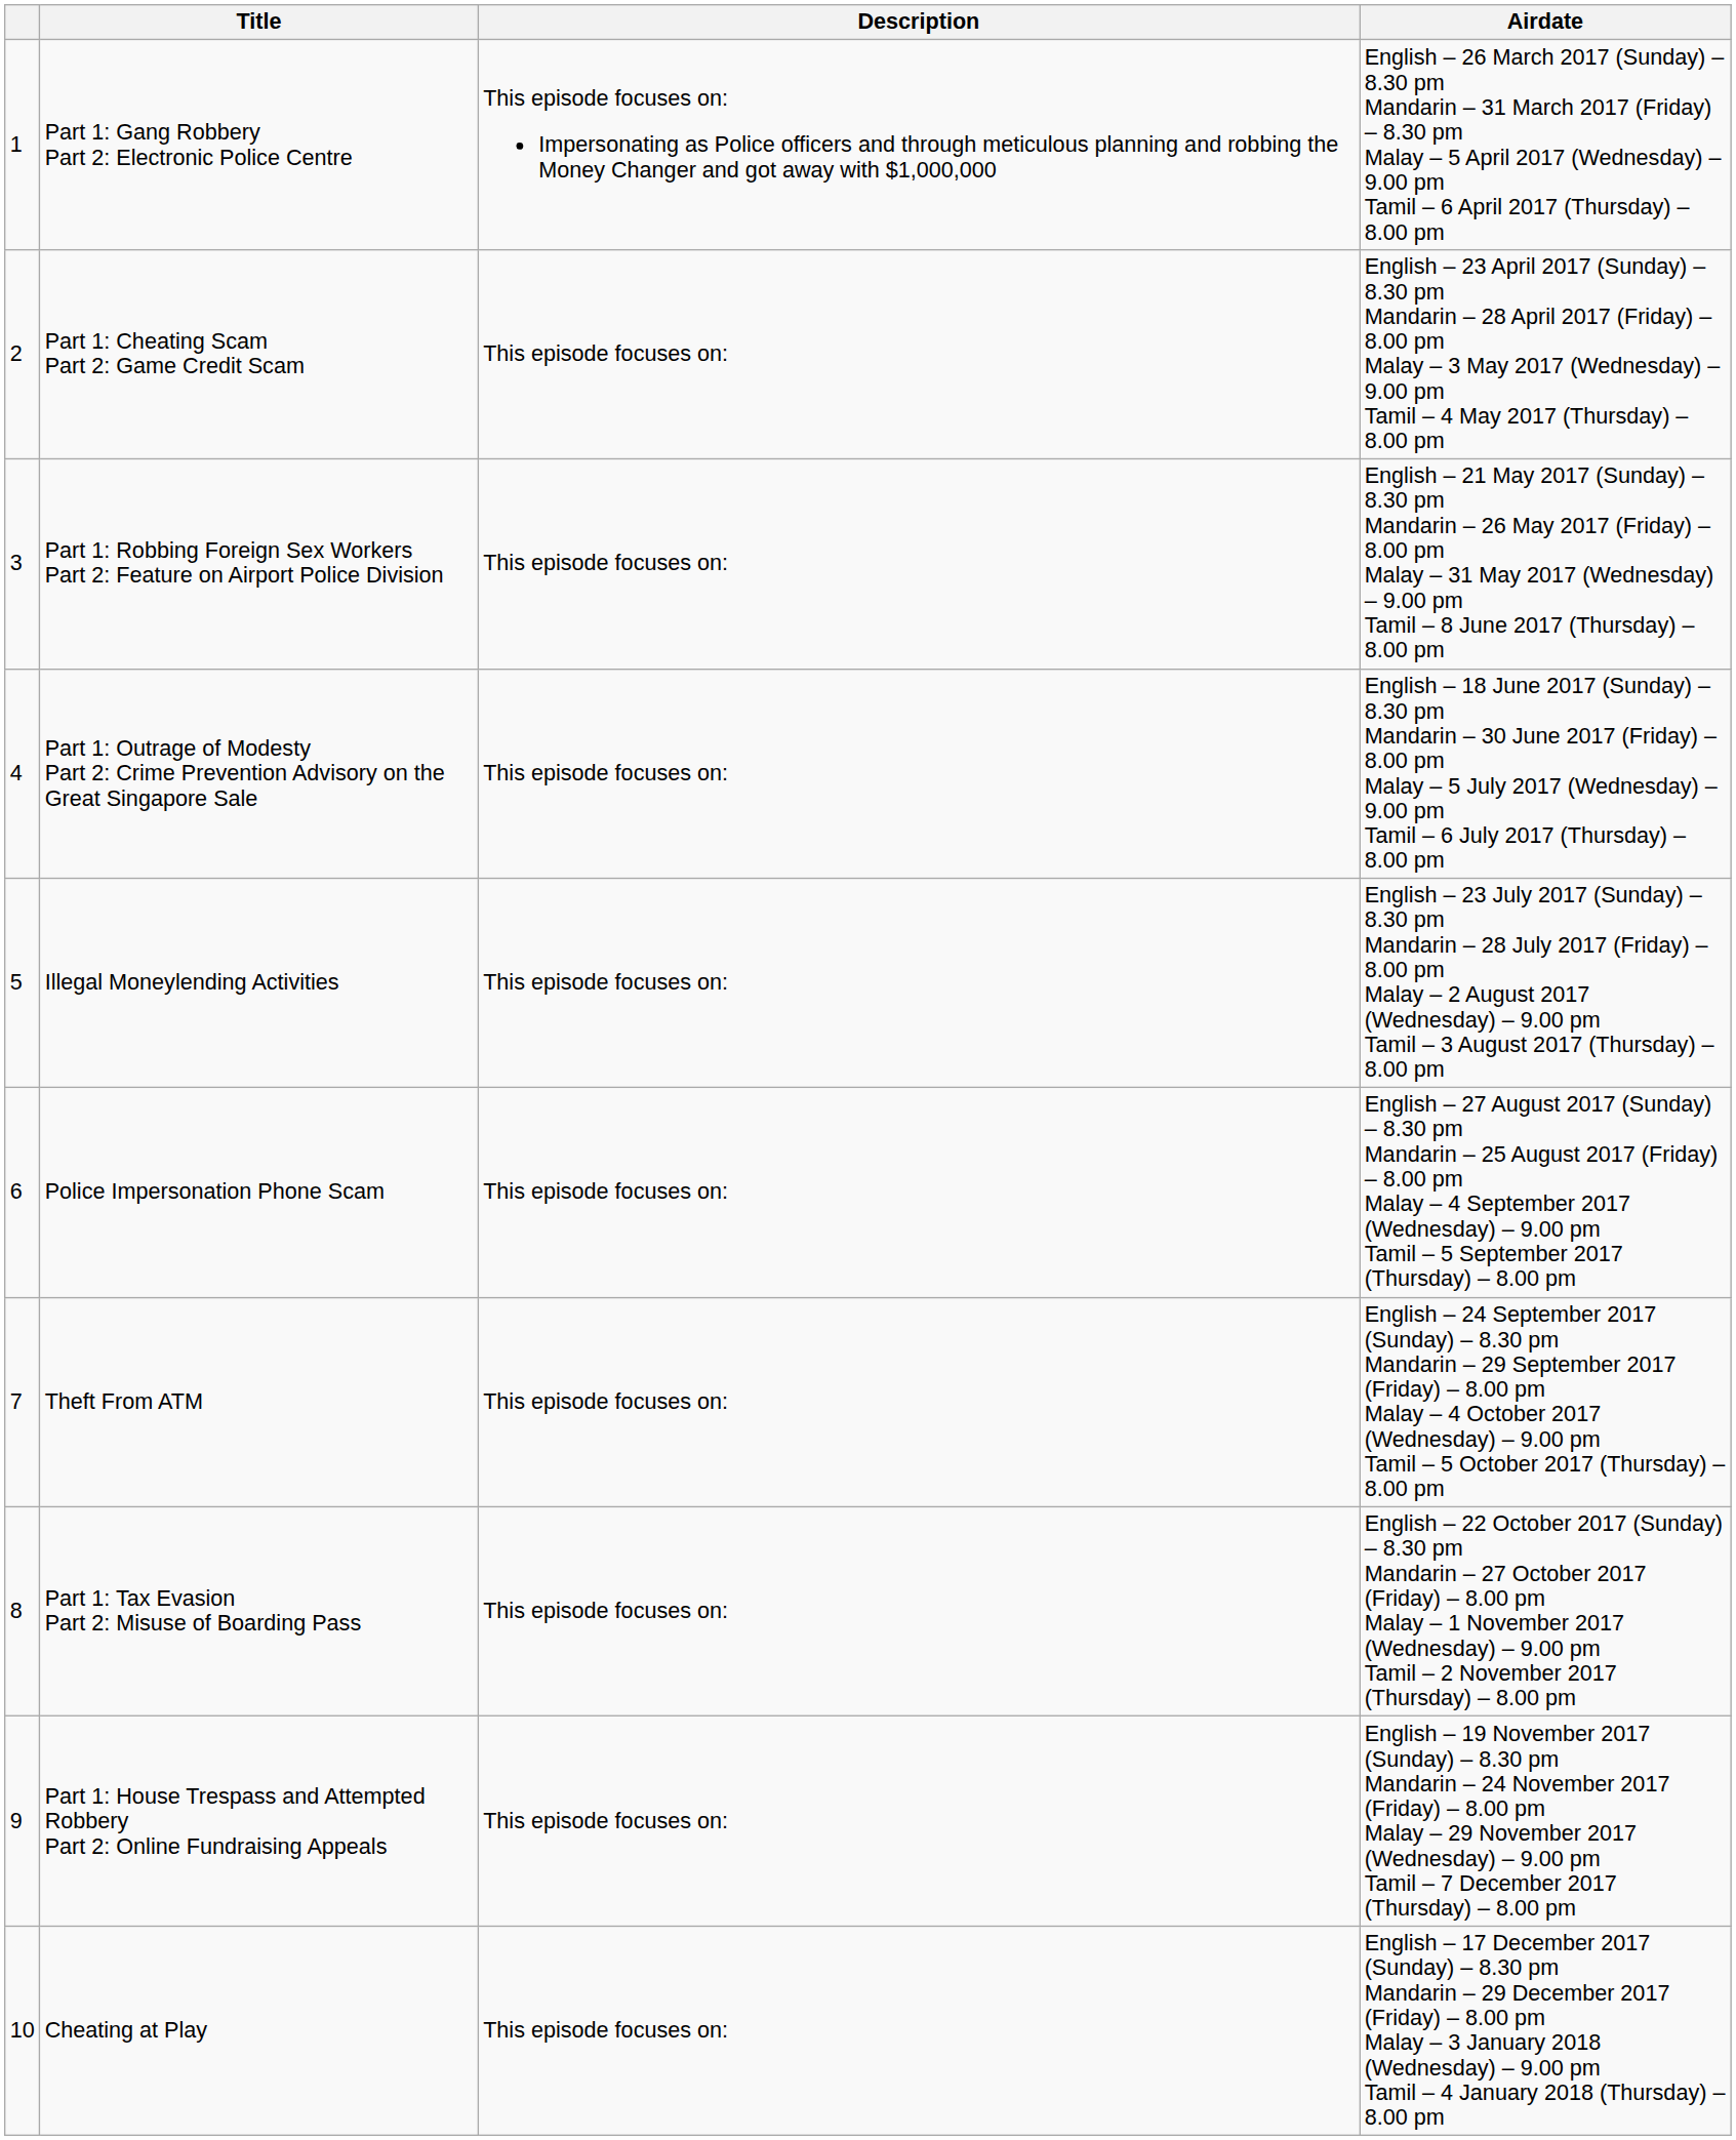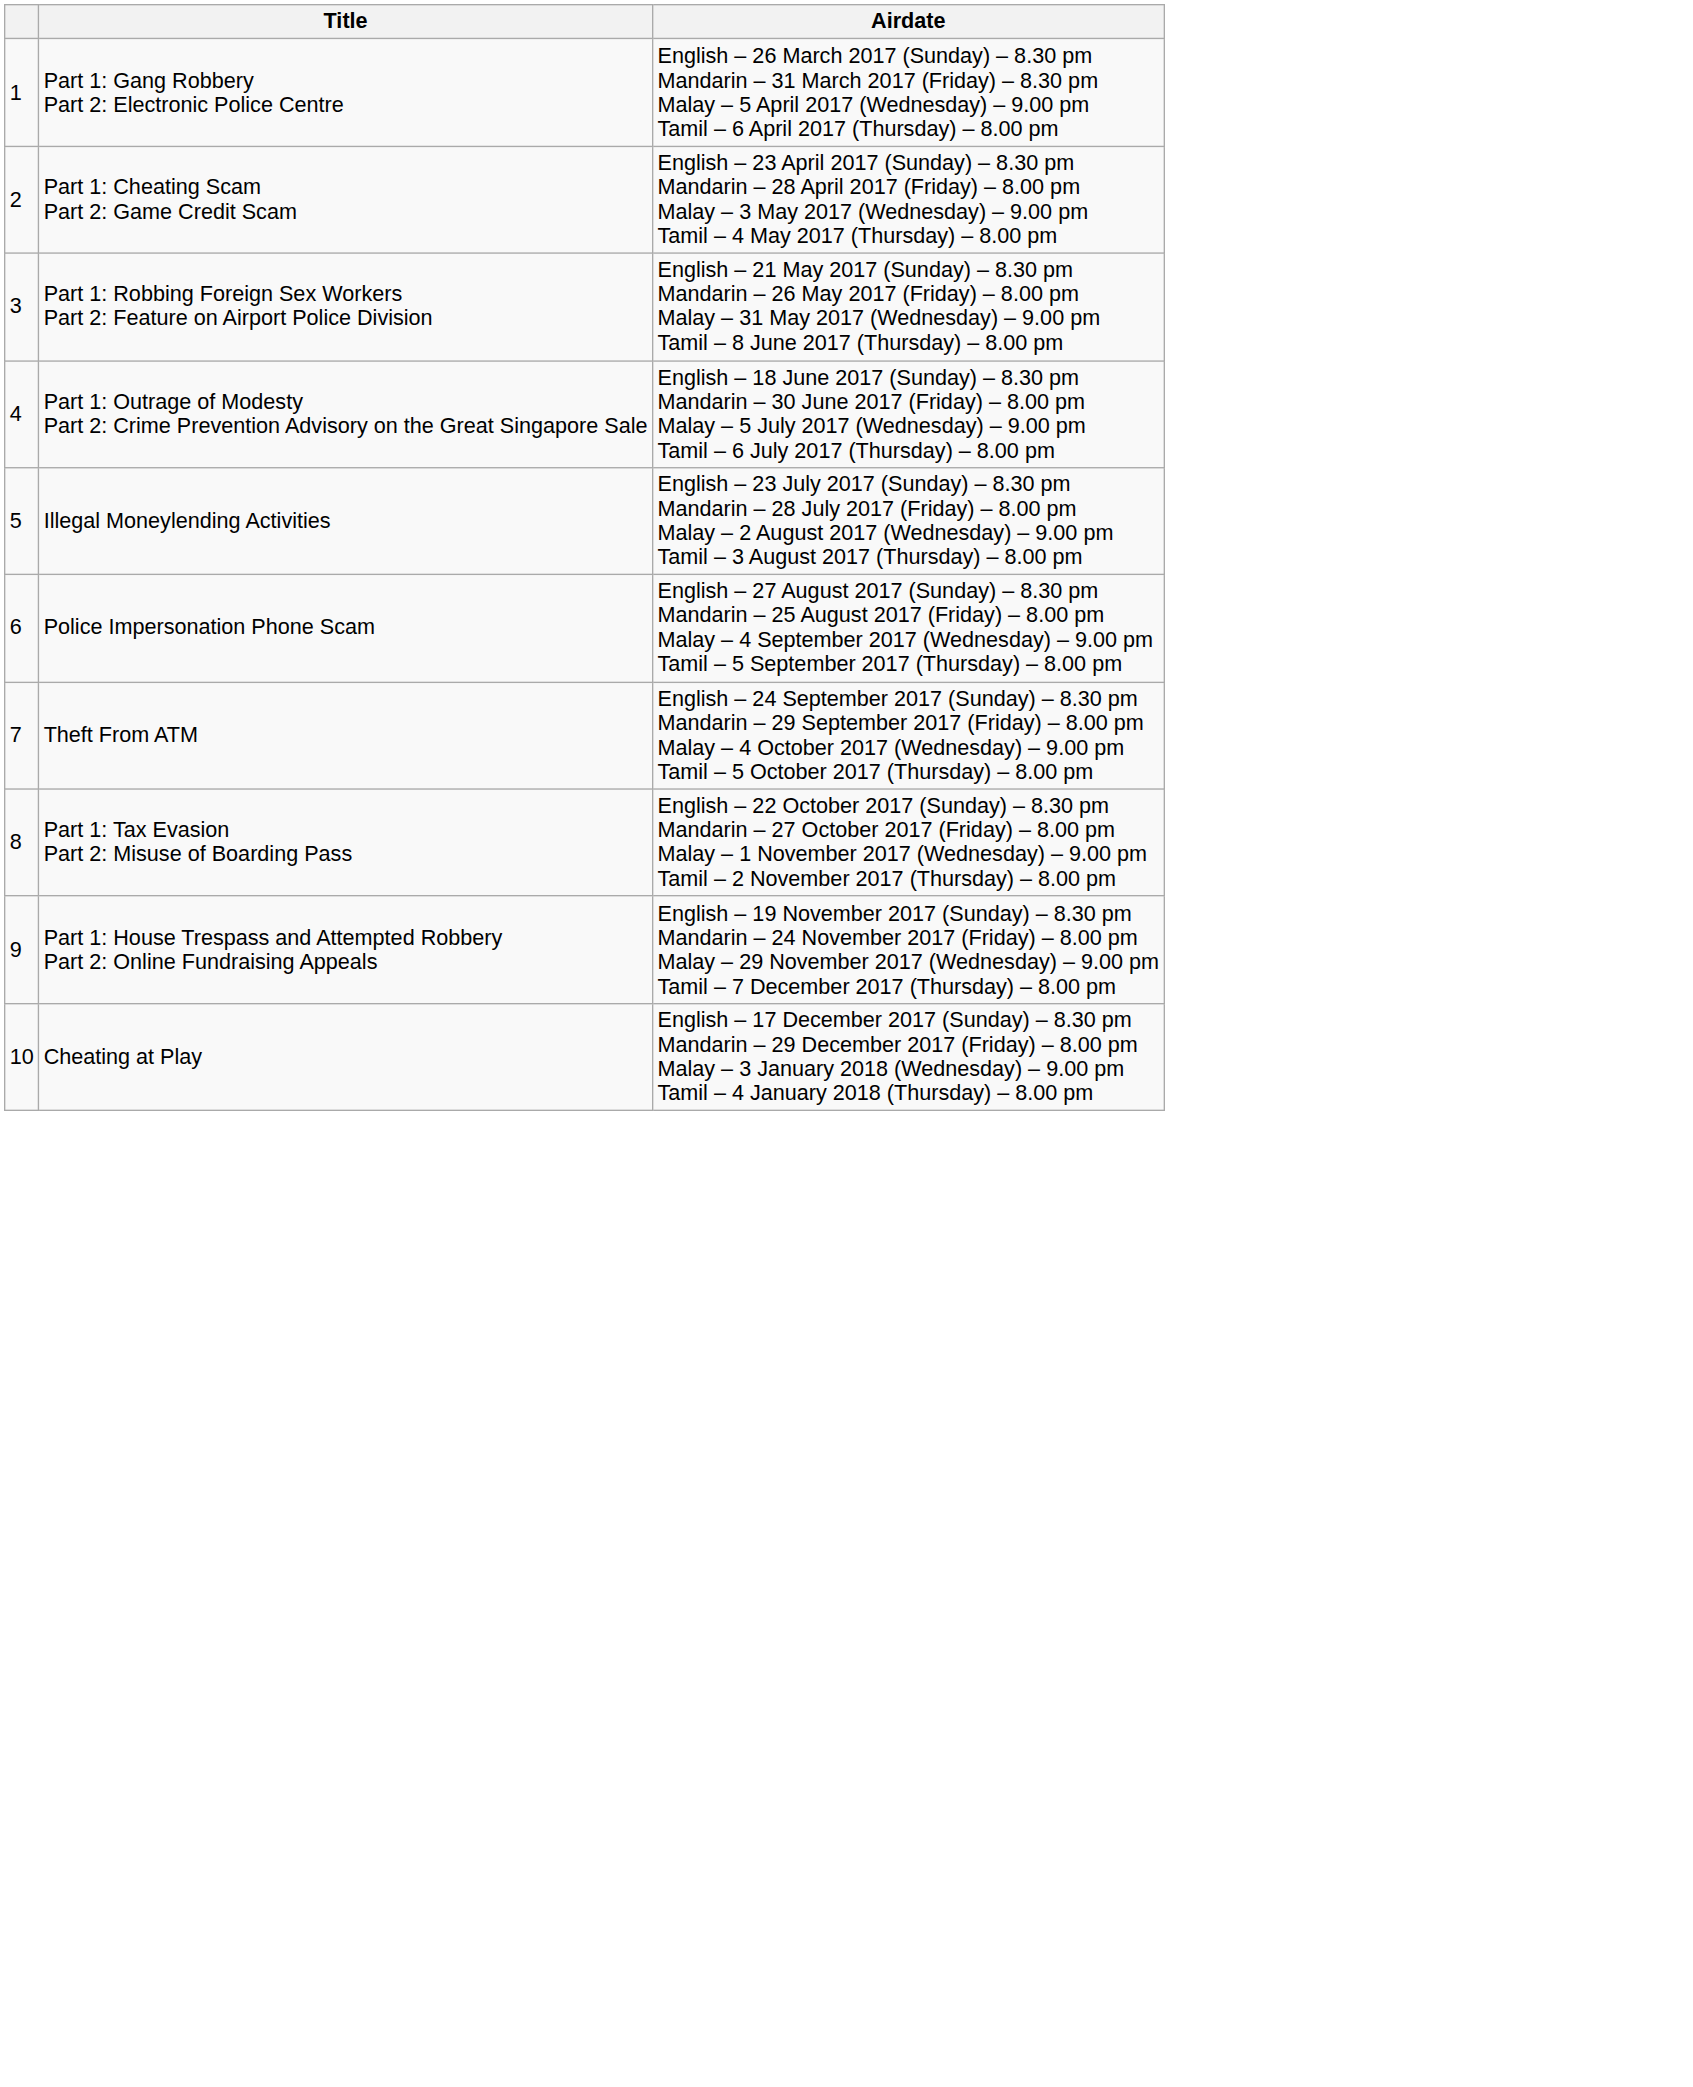 <table class="wikitable">
 <tr>
 <th></th>
 <th>Title</th>
-<th>Description</th>
 <th>Airdate</th>
 </tr>
 <tr To be confirmed>
 <td>1</td>
 <td>Part 1: Gang Robbery<br>Part 2: Electronic Police Centre</td>
-<td>This episode focuses on:<br><ul><li>Impersonating as Police officers and through meticulous planning and robbing the Money Changer and got away with $1,000,000</li></ul></td>
 <td>English – 26 March 2017 (Sunday) – 8.30 pm<br>Mandarin – 31 March 2017 (Friday) – 8.30 pm <br>Malay – 5 April 2017 (Wednesday) – 9.00 pm <br>Tamil – 6 April 2017 (Thursday) – 8.00 pm</td>
 </tr>
 <tr>
 <td>2</td>
 <td>Part 1: Cheating Scam<br>Part 2: Game Credit Scam</td>
-<td>This episode focuses on:</td>
 <td>English – 23 April 2017 (Sunday) – 8.30 pm<br>Mandarin – 28 April 2017 (Friday) – 8.00 pm <br>Malay – 3 May 2017 (Wednesday) – 9.00 pm <br>Tamil – 4 May 2017 (Thursday) – 8.00 pm</td>
 </tr>
 <tr>
 <td>3</td>
 <td>Part 1: Robbing Foreign Sex Workers<br>Part 2: Feature on Airport Police Division</td>
-<td>This episode focuses on:</td>
 <td>English – 21 May 2017 (Sunday) – 8.30 pm<br>Mandarin – 26 May 2017 (Friday) – 8.00 pm <br>Malay – 31 May 2017 (Wednesday) – 9.00 pm <br>Tamil – 8 June 2017 (Thursday) – 8.00 pm</td>
 </tr>
 <tr>
 <td>4</td>
 <td>Part 1: Outrage of Modesty<br>Part 2: Crime Prevention Advisory on the Great Singapore Sale</td>
-<td>This episode focuses on:</td>
 <td>English – 18 June 2017 (Sunday) – 8.30 pm<br>Mandarin – 30 June 2017 (Friday) – 8.00 pm <br>Malay – 5 July 2017 (Wednesday) – 9.00 pm <br>Tamil – 6 July 2017 (Thursday) – 8.00 pm</td>
 </tr>
 <tr>
 <td>5</td>
 <td>Illegal Moneylending Activities</td>
-<td>This episode focuses on:</td>
 <td>English – 23 July 2017 (Sunday) – 8.30 pm<br>Mandarin – 28 July 2017 (Friday) – 8.00 pm <br>Malay – 2 August 2017 (Wednesday) – 9.00 pm <br>Tamil – 3 August 2017 (Thursday) – 8.00 pm</td>
 </tr>
 <tr>
 <td>6</td>
 <td>Police Impersonation Phone Scam</td>
-<td>This episode focuses on:</td>
 <td>English – 27 August 2017 (Sunday) – 8.30 pm<br>Mandarin – 25 August 2017 (Friday) – 8.00 pm <br>Malay – 4 September 2017 (Wednesday) – 9.00 pm <br>Tamil – 5 September 2017 (Thursday) – 8.00 pm</td>
 </tr>
 <tr>
 <td>7</td>
 <td>Theft From ATM</td>
-<td>This episode focuses on:</td>
 <td>English – 24 September 2017 (Sunday) – 8.30 pm<br>Mandarin – 29 September 2017 (Friday) – 8.00 pm <br>Malay – 4 October 2017 (Wednesday) – 9.00 pm <br>Tamil – 5 October 2017 (Thursday) – 8.00 pm</td>
 </tr>
 <tr>
 <td>8</td>
 <td>Part 1: Tax Evasion<br>Part 2: Misuse of Boarding Pass</td>
-<td>This episode focuses on:</td>
 <td>English – 22 October 2017 (Sunday) – 8.30 pm<br>Mandarin – 27 October 2017 (Friday) – 8.00 pm <br>Malay – 1 November 2017 (Wednesday) – 9.00 pm <br>Tamil – 2 November 2017 (Thursday) – 8.00 pm</td>
 </tr>
 <tr>
 <td>9</td>
 <td>Part 1: House Trespass and Attempted Robbery<br>Part 2: Online Fundraising Appeals</td>
-<td>This episode focuses on:</td>
 <td>English – 19 November 2017 (Sunday) – 8.30 pm<br>Mandarin – 24 November 2017 (Friday) – 8.00 pm <br>Malay – 29 November 2017 (Wednesday) – 9.00 pm <br>Tamil – 7 December 2017 (Thursday) – 8.00 pm</td>
 </tr>
 <tr>
 <td>10</td>
 <td>Cheating at Play</td>
-<td>This episode focuses on:</td>
 <td>English – 17 December 2017 (Sunday) – 8.30 pm<br>Mandarin – 29 December 2017 (Friday) – 8.00 pm <br>Malay – 3 January 2018 (Wednesday) – 9.00 pm <br>Tamil – 4 January 2018 (Thursday) – 8.00 pm</td>
 </tr>
 </table>
